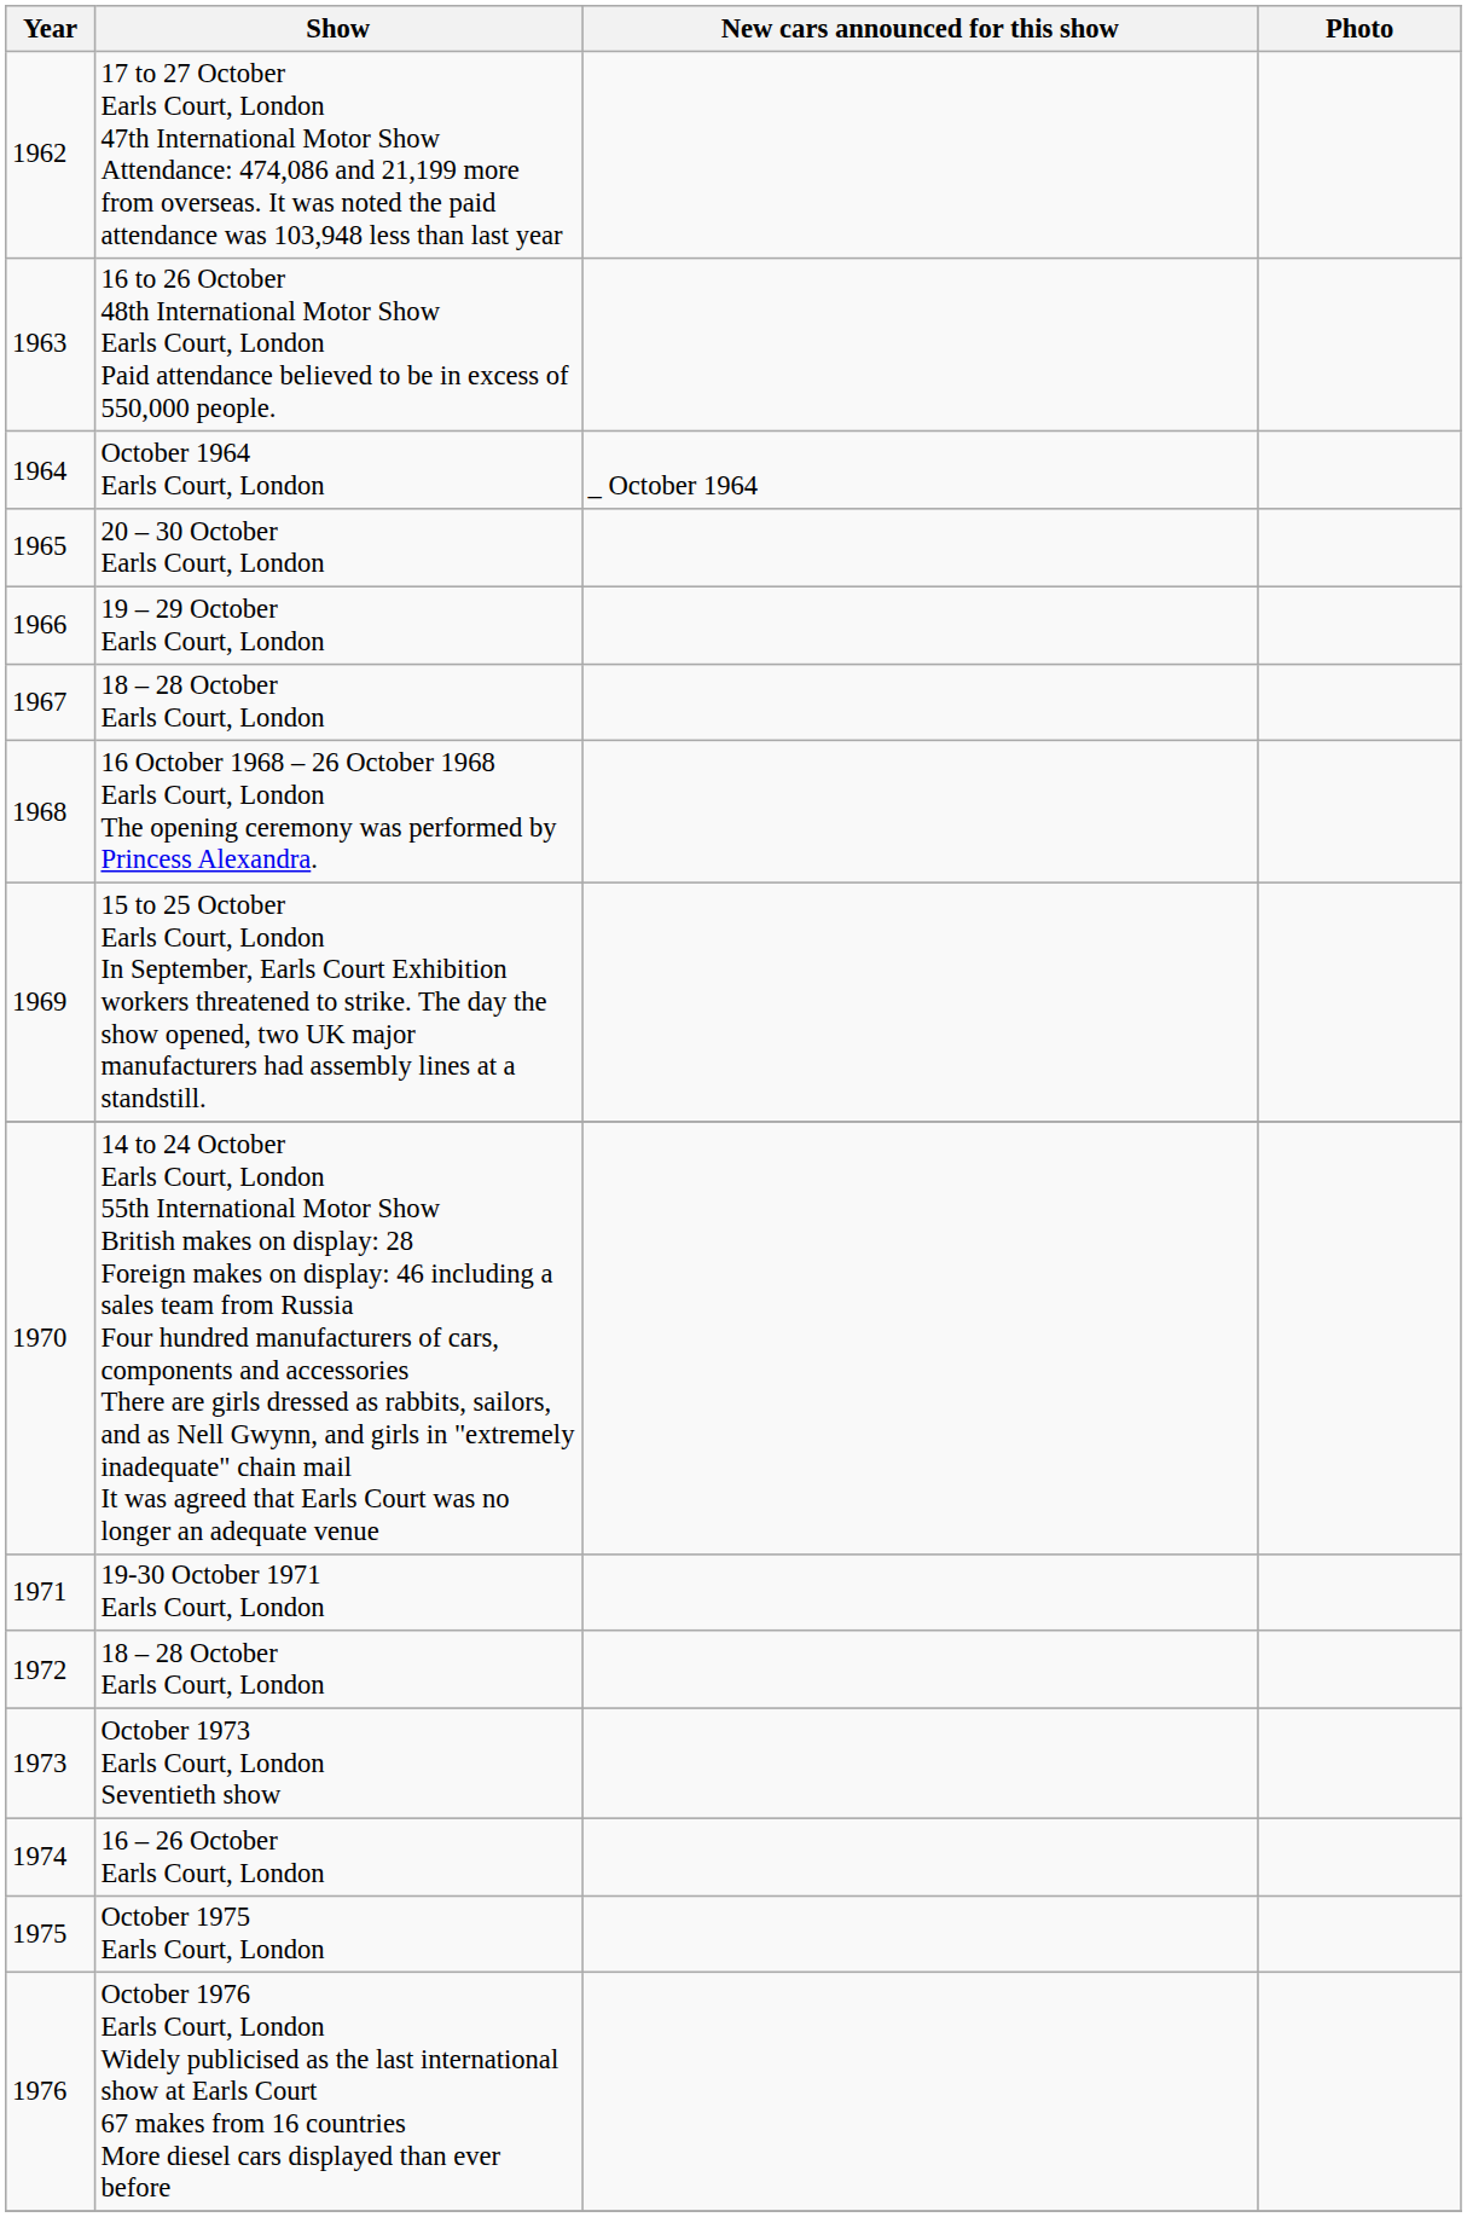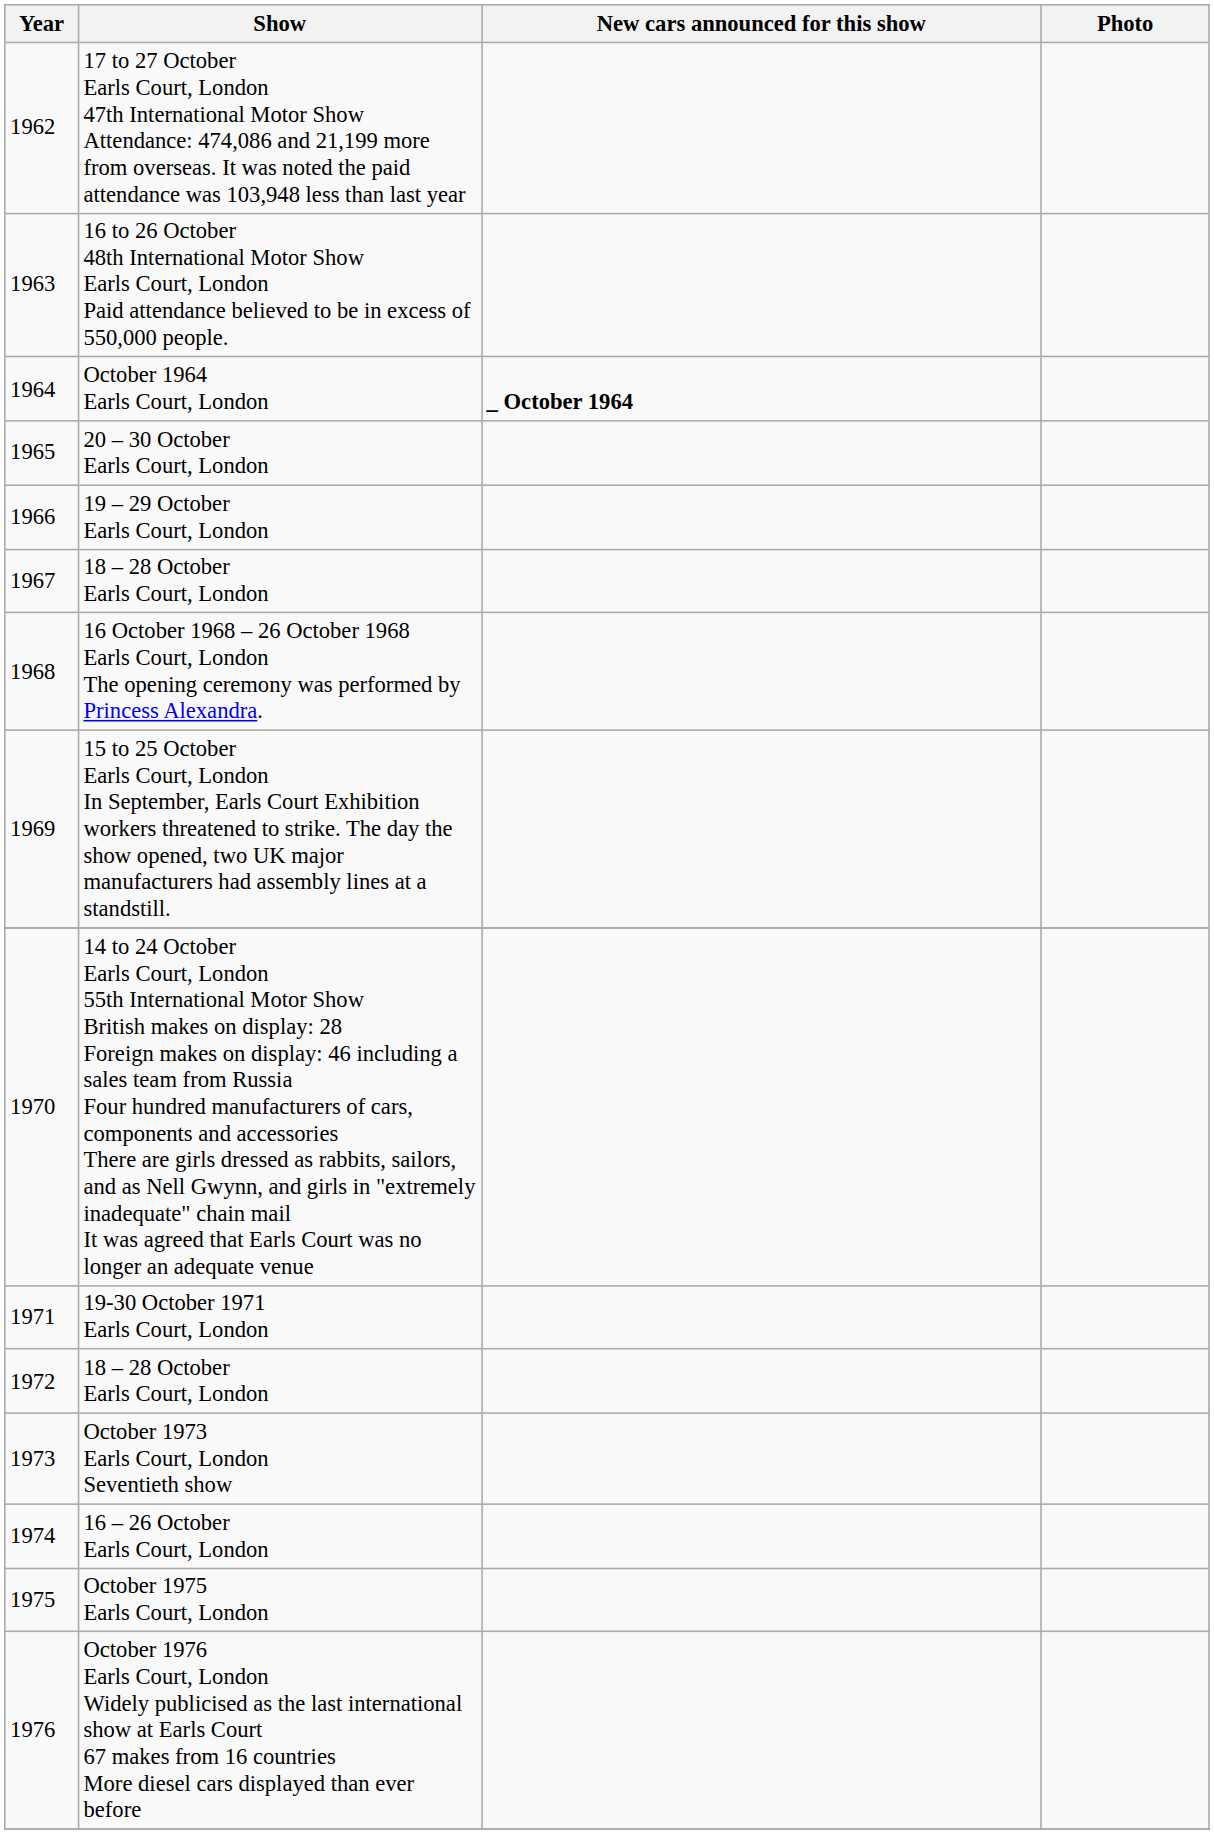 <table class="wikitable" style="font-size:90%;">
 <tr>
 <th scope="col" style="width: 40px;">Year</th>
 <th scope="col" style="width: 250px;">Show</th>
 <th scope="col" style="width: 350px;">New cars announced for this show</th>
 <th scope="col" style="width: 100px;">Photo</th>
 </tr>
 <tr>
 <td>1962</td>
 <td>17 to 27 October <br>Earls Court, London<br>47th International Motor Show<br>Attendance: 474,086 and 21,199 more from overseas. It was noted the paid attendance was 103,948 less than last year</td>
 <td><br></td>
 <td><br>    </td>
 </tr>
 <tr>
 <td>1963</td>
 <td>16 to 26 October <br>48th International Motor Show<br>Earls Court, London<br>Paid attendance believed to be in excess of 550,000 people.</td>
 <td><br></td>
 <td><br>    </td>
 </tr>
 <tr>
 <td>1964</td>
 <td>October 1964 <br>Earls Court, London</td>
-<td><br> _ October 1964</td>
+<td><strong><br> _ October 1964</strong></td>
 <td><br></td>
 </tr>
 <tr>
 <td>1965</td>
 <td>20 – 30 October <br>Earls Court, London</td>
 <td><br></td>
 <td><br> </td>
 </tr>
 <tr>
 <td>1966</td>
 <td>19 – 29 October <br>Earls Court, London</td>
 <td><br></td>
 <td><br>  </td>
 </tr>
 <tr>
 <td>1967</td>
 <td>18 – 28 October <br>Earls Court, London</td>
 <td><br></td>
 <td><br></td>
 </tr>
 <tr>
 <td>1968</td>
 <td>16 October 1968 – 26 October 1968 <br>Earls Court, London<br>The opening ceremony was performed by <a href='#'>Princess Alexandra</a>.</td>
 <td><br></td>
 <td><br></td>
 </tr>
 <tr>
 <td>1969</td>
 <td>15 to 25 October <br>Earls Court, London<br>In September, Earls Court Exhibition workers threatened to strike. The day the show opened, two UK major manufacturers had assembly lines at a standstill.</td>
 <td><br></td>
 <td><br>   </td>
 </tr>
 <tr>
 </tr>
 <tr>
 <td>1970</td>
 <td>14 to 24 October <br>Earls Court, London <br>55th International Motor Show<br>British makes on display: 28<br> Foreign makes on display: 46 including a sales team from Russia<br>Four hundred manufacturers of cars, components and accessories<br>There are girls dressed as rabbits, sailors, and as Nell Gwynn, and girls in "extremely inadequate" chain mail<br>It was agreed that Earls Court was no longer an adequate venue</td>
 <td><br></td>
 <td><br>  </td>
 </tr>
 <tr>
 <td>1971</td>
 <td>19-30 October 1971 <br>Earls Court, London</td>
 <td><br></td>
 <td></td>
 </tr>
 <tr>
 <td>1972</td>
 <td>18 – 28 October <br>Earls Court, London</td>
 <td><br></td>
 <td><br></td>
 </tr>
 <tr>
 <td>1973</td>
 <td>October 1973 <br>Earls Court, London<br>Seventieth show</td>
 <td><br></td>
 <td><br></td>
 </tr>
 <tr>
 <td>1974</td>
 <td>16 – 26 October <br>Earls Court, London</td>
 <td><br></td>
 <td><br></td>
 </tr>
 <tr>
 <td>1975</td>
 <td>October 1975 <br>Earls Court, London</td>
 <td><br></td>
 <td><br></td>
 </tr>
 <tr>
 <td>1976</td>
 <td>October 1976 <br>Earls Court, London<br>Widely publicised as the last international show at Earls Court<br>67 makes from 16 countries<br>More diesel cars displayed than ever before</td>
 <td><br></td>
 <td><br></td>
 </tr>
 <tr>
 </tr>
 </table>
